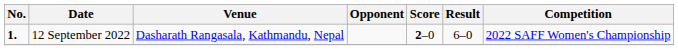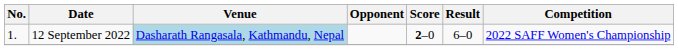 <table class="wikitable">
 <tr>
 <th>No.</th>
 <th>Date</th>
 <th>Venue</th>
 <th>Opponent</th>
 <th>Score</th>
 <th>Result</th>
 <th>Competition</th>
 </tr>
 <tr>
-<td><strong>1.</strong></td>
+<td>1.</td>
 <td>12 September 2022</td>
-<td><a href='#'>Dasharath Rangasala</a>, <a href='#'>Kathmandu</a>, <a href='#'>Nepal</a></td>
+<td style="background: lightblue;"><a href='#'>Dasharath Rangasala</a>, <a href='#'>Kathmandu</a>, <a href='#'>Nepal</a></td>
 <td></td>
 <td align=center><strong>2</strong>–0</td>
 <td align=center>6–0</td>
 <td><a href='#'>2022 SAFF Women's Championship</a></td>
 </tr>
 <tr>
 </tr>
 </table>
